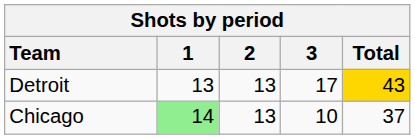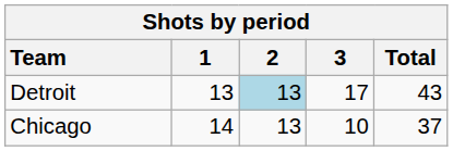 <table class="wikitable" style="width:20em; text-align:right;">
 <tr>
 <th colspan=6>Shots by period</th>
 </tr>
 <tr>
 <th style="width:8em; text-align:left;">Team</th>
 <th style="width:3em;">1</th>
 <th style="width:3em;">2</th>
 <th style="width:3em;">3</th>
 <th style="width:3em;">Total</th>
 </tr>
 <tr>
 <td style="text-align:left;">Detroit</td>
 <td>13</td>
-<td>13</td>
+<td style="background: lightblue;">13</td>
 <td>17</td>
-<td style="background: gold;">43</td>
+<td>43</td>
 </tr>
 <tr>
 <td style="text-align:left;">Chicago</td>
-<td style="background: lightgreen;">14</td>
+<td>14</td>
 <td>13</td>
 <td>10</td>
 <td>37</td>
 </tr>
 </table>
